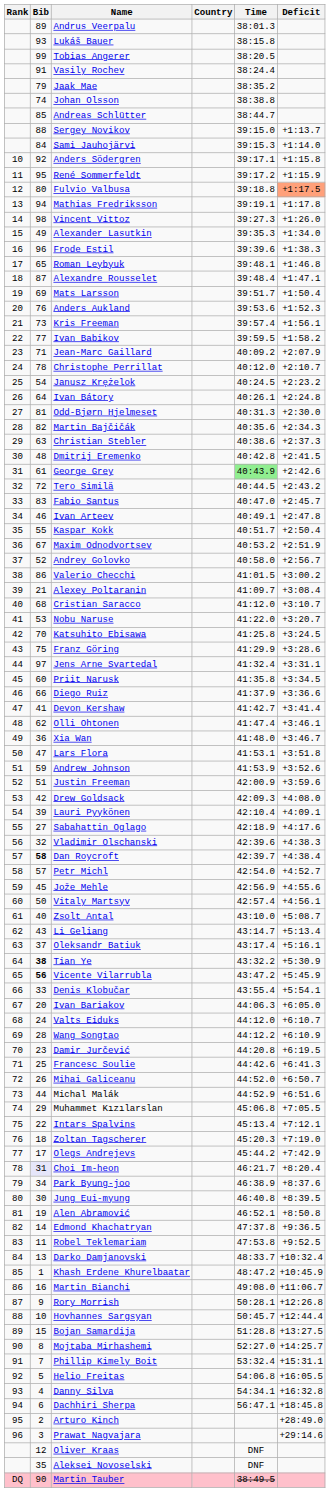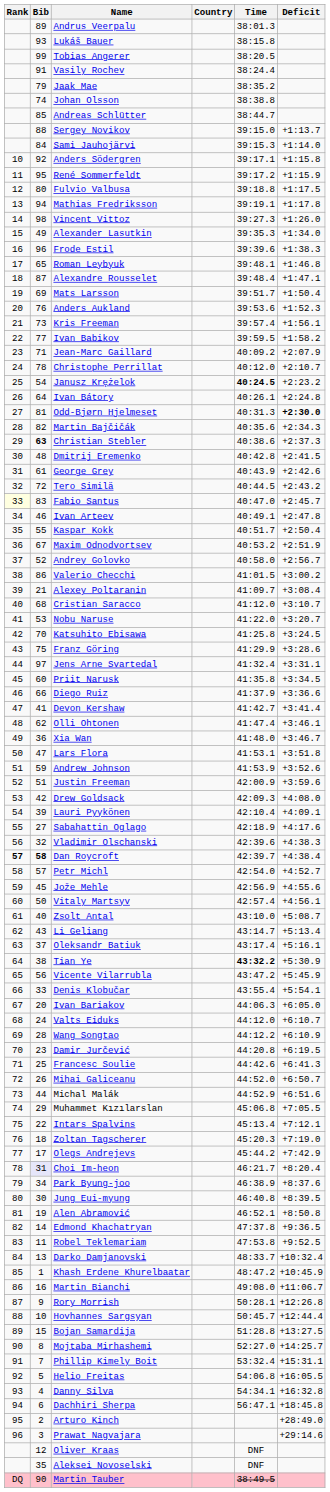 <table class="wikitable sortable" style="text-align:center">
 <tr>
 <th>Rank</th>
 <th>Bib</th>
 <th>Name</th>
 <th>Country</th>
 <th>Time</th>
 <th>Deficit</th>
 </tr>
 <tr>
 <td></td>
 <td>89</td>
 <td align="left"><a href='#'>Andrus Veerpalu</a></td>
 <td align="left"></td>
 <td>38:01.3</td>
 <td></td>
 </tr>
 <tr>
 <td></td>
 <td>93</td>
 <td align="left"><a href='#'>Lukáš Bauer</a></td>
 <td align="left"></td>
 <td>38:15.8</td>
 <td></td>
 </tr>
 <tr>
 <td></td>
 <td>99</td>
 <td align="left"><a href='#'>Tobias Angerer</a></td>
 <td align="left"></td>
 <td>38:20.5</td>
 <td></td>
 </tr>
 <tr>
 <td></td>
 <td>91</td>
 <td align="left"><a href='#'>Vasily Rochev</a></td>
 <td align="left"></td>
 <td>38:24.4</td>
 <td></td>
 </tr>
 <tr>
 <td></td>
 <td>79</td>
 <td align="left"><a href='#'>Jaak Mae</a></td>
 <td align="left"></td>
 <td>38:35.2</td>
 <td></td>
 </tr>
 <tr>
 <td></td>
 <td>74</td>
 <td align="left"><a href='#'>Johan Olsson</a></td>
 <td align="left"></td>
 <td>38:38.8</td>
 <td></td>
 </tr>
 <tr>
 <td></td>
 <td>85</td>
 <td align="left"><a href='#'>Andreas Schlütter</a></td>
 <td align="left"></td>
 <td>38:44.7</td>
 <td></td>
 </tr>
 <tr>
 <td></td>
 <td>88</td>
 <td align="left"><a href='#'>Sergey Novikov</a></td>
 <td align="left"></td>
 <td>39:15.0</td>
 <td>+1:13.7</td>
 </tr>
 <tr>
 <td></td>
 <td>84</td>
 <td align="left"><a href='#'>Sami Jauhojärvi</a></td>
 <td align="left"></td>
 <td>39:15.3</td>
 <td>+1:14.0</td>
 </tr>
 <tr>
 <td>10</td>
 <td>92</td>
 <td align="left"><a href='#'>Anders Södergren</a></td>
 <td align="left"></td>
 <td>39:17.1</td>
 <td>+1:15.8</td>
 </tr>
 <tr>
 <td>11</td>
 <td>95</td>
 <td align="left"><a href='#'>René Sommerfeldt</a></td>
 <td align="left"></td>
 <td>39:17.2</td>
 <td>+1:15.9</td>
 </tr>
 <tr>
 <td>12</td>
 <td>80</td>
 <td align="left"><a href='#'>Fulvio Valbusa</a></td>
 <td align="left"></td>
 <td>39:18.8</td>
-<td style="background: lightsalmon;">+1:17.5</td>
+<td>+1:17.5</td>
 </tr>
 <tr>
 <td>13</td>
 <td>94</td>
 <td align="left"><a href='#'>Mathias Fredriksson</a></td>
 <td align="left"></td>
 <td>39:19.1</td>
 <td>+1:17.8</td>
 </tr>
 <tr>
 <td>14</td>
 <td>98</td>
 <td align="left"><a href='#'>Vincent Vittoz</a></td>
 <td align="left"></td>
 <td>39:27.3</td>
 <td>+1:26.0</td>
 </tr>
 <tr>
 <td>15</td>
 <td>49</td>
 <td align="left"><a href='#'>Alexander Lasutkin</a></td>
 <td align="left"></td>
 <td>39:35.3</td>
 <td>+1:34.0</td>
 </tr>
 <tr>
 <td>16</td>
 <td>96</td>
 <td align="left"><a href='#'>Frode Estil</a></td>
 <td align="left"></td>
 <td>39:39.6</td>
 <td>+1:38.3</td>
 </tr>
 <tr>
 <td>17</td>
 <td>65</td>
 <td align="left"><a href='#'>Roman Leybyuk</a></td>
 <td align="left"></td>
 <td>39:48.1</td>
 <td>+1:46.8</td>
 </tr>
 <tr>
 <td>18</td>
 <td>87</td>
 <td align="left"><a href='#'>Alexandre Rousselet</a></td>
 <td align="left"></td>
 <td>39:48.4</td>
 <td>+1:47.1</td>
 </tr>
 <tr>
 <td>19</td>
 <td>69</td>
 <td align="left"><a href='#'>Mats Larsson</a></td>
 <td align="left"></td>
 <td>39:51.7</td>
 <td>+1:50.4</td>
 </tr>
 <tr>
 <td>20</td>
 <td>76</td>
 <td align="left"><a href='#'>Anders Aukland</a></td>
 <td align="left"></td>
 <td>39:53.6</td>
 <td>+1:52.3</td>
 </tr>
 <tr>
 <td>21</td>
 <td>73</td>
 <td align="left"><a href='#'>Kris Freeman</a></td>
 <td align="left"></td>
 <td>39:57.4</td>
 <td>+1:56.1</td>
 </tr>
 <tr>
 <td>22</td>
 <td>77</td>
 <td align="left"><a href='#'>Ivan Babikov</a></td>
 <td align="left"></td>
 <td>39:59.5</td>
 <td>+1:58.2</td>
 </tr>
 <tr>
 <td>23</td>
 <td>71</td>
 <td align="left"><a href='#'>Jean-Marc Gaillard</a></td>
 <td align="left"></td>
 <td>40:09.2</td>
 <td>+2:07.9</td>
 </tr>
 <tr>
 <td>24</td>
 <td>78</td>
 <td align="left"><a href='#'>Christophe Perrillat</a></td>
 <td align="left"></td>
 <td>40:12.0</td>
 <td>+2:10.7</td>
 </tr>
 <tr>
 <td>25</td>
 <td>54</td>
 <td align="left"><a href='#'>Janusz Krężelok</a></td>
 <td align="left"></td>
-<td>40:24.5</td>
+<td><strong>40:24.5</strong></td>
 <td>+2:23.2</td>
 </tr>
 <tr>
 <td>26</td>
 <td>64</td>
 <td align="left"><a href='#'>Ivan Bátory</a></td>
 <td align="left"></td>
 <td>40:26.1</td>
 <td>+2:24.8</td>
 </tr>
 <tr>
 <td>27</td>
 <td>81</td>
 <td align="left"><a href='#'>Odd-Bjørn Hjelmeset</a></td>
 <td align="left"></td>
 <td>40:31.3</td>
-<td>+2:30.0</td>
+<td><strong>+2:30.0</strong></td>
 </tr>
 <tr>
 <td>28</td>
 <td>82</td>
 <td align="left"><a href='#'>Martin Bajčičák</a></td>
 <td align="left"></td>
 <td>40:35.6</td>
 <td>+2:34.3</td>
 </tr>
 <tr>
 <td>29</td>
-<td>63</td>
+<td><strong>63</strong></td>
 <td align="left"><a href='#'>Christian Stebler</a></td>
 <td align="left"></td>
 <td>40:38.6</td>
 <td>+2:37.3</td>
 </tr>
 <tr>
 <td>30</td>
 <td>48</td>
 <td align="left"><a href='#'>Dmitrij Eremenko</a></td>
 <td align="left"></td>
 <td>40:42.8</td>
 <td>+2:41.5</td>
 </tr>
 <tr>
 <td>31</td>
 <td>61</td>
 <td align="left"><a href='#'>George Grey</a></td>
 <td align="left"></td>
-<td style="background: lightgreen;">40:43.9</td>
+<td>40:43.9</td>
 <td>+2:42.6</td>
 </tr>
 <tr>
 <td>32</td>
 <td>72</td>
 <td align="left"><a href='#'>Tero Similä</a></td>
 <td align="left"></td>
 <td>40:44.5</td>
 <td>+2:43.2</td>
 </tr>
 <tr>
-<td>33</td>
+<td style="background: lightyellow;">33</td>
 <td>83</td>
 <td align="left"><a href='#'>Fabio Santus</a></td>
 <td align="left"></td>
 <td>40:47.0</td>
 <td>+2:45.7</td>
 </tr>
 <tr>
 <td>34</td>
 <td>46</td>
 <td align="left"><a href='#'>Ivan Arteev</a></td>
 <td align="left"></td>
 <td>40:49.1</td>
 <td>+2:47.8</td>
 </tr>
 <tr>
 <td>35</td>
 <td>55</td>
 <td align="left"><a href='#'>Kaspar Kokk</a></td>
 <td align="left"></td>
 <td>40:51.7</td>
 <td>+2:50.4</td>
 </tr>
 <tr>
 <td>36</td>
 <td>67</td>
 <td align="left"><a href='#'>Maxim Odnodvortsev</a></td>
 <td align="left"></td>
 <td>40:53.2</td>
 <td>+2:51.9</td>
 </tr>
 <tr>
 <td>37</td>
 <td>52</td>
 <td align="left"><a href='#'>Andrey Golovko</a></td>
 <td align="left"></td>
 <td>40:58.0</td>
 <td>+2:56.7</td>
 </tr>
 <tr>
 <td>38</td>
 <td>86</td>
 <td align="left"><a href='#'>Valerio Checchi</a></td>
 <td align="left"></td>
 <td>41:01.5</td>
 <td>+3:00.2</td>
 </tr>
 <tr>
 <td>39</td>
 <td>21</td>
 <td align="left"><a href='#'>Alexey Poltaranin</a></td>
 <td align="left"></td>
 <td>41:09.7</td>
 <td>+3:08.4</td>
 </tr>
 <tr>
 <td>40</td>
 <td>68</td>
 <td align="left"><a href='#'>Cristian Saracco</a></td>
 <td align="left"></td>
 <td>41:12.0</td>
 <td>+3:10.7</td>
 </tr>
 <tr>
 <td>41</td>
 <td>53</td>
 <td align="left"><a href='#'>Nobu Naruse</a></td>
 <td align="left"></td>
 <td>41:22.0</td>
 <td>+3:20.7</td>
 </tr>
 <tr>
 <td>42</td>
 <td>70</td>
 <td align="left"><a href='#'>Katsuhito Ebisawa</a></td>
 <td align="left"></td>
 <td>41:25.8</td>
 <td>+3:24.5</td>
 </tr>
 <tr>
 <td>43</td>
 <td>75</td>
 <td align="left"><a href='#'>Franz Göring</a></td>
 <td align="left"></td>
 <td>41:29.9</td>
 <td>+3:28.6</td>
 </tr>
 <tr>
 <td>44</td>
 <td>97</td>
 <td align="left"><a href='#'>Jens Arne Svartedal</a></td>
 <td align="left"></td>
 <td>41:32.4</td>
 <td>+3:31.1</td>
 </tr>
 <tr>
 <td>45</td>
 <td>60</td>
 <td align="left"><a href='#'>Priit Narusk</a></td>
 <td align="left"></td>
 <td>41:35.8</td>
 <td>+3:34.5</td>
 </tr>
 <tr>
 <td>46</td>
 <td>66</td>
 <td align="left"><a href='#'>Diego Ruiz</a></td>
 <td align="left"></td>
 <td>41:37.9</td>
 <td>+3:36.6</td>
 </tr>
 <tr>
 <td>47</td>
 <td>41</td>
 <td align="left"><a href='#'>Devon Kershaw</a></td>
 <td align="left"></td>
 <td>41:42.7</td>
 <td>+3:41.4</td>
 </tr>
 <tr>
 <td>48</td>
 <td>62</td>
 <td align="left"><a href='#'>Olli Ohtonen</a></td>
 <td align="left"></td>
 <td>41:47.4</td>
 <td>+3:46.1</td>
 </tr>
 <tr>
 <td>49</td>
 <td>36</td>
 <td align="left"><a href='#'>Xia Wan</a></td>
 <td align="left"></td>
 <td>41:48.0</td>
 <td>+3:46.7</td>
 </tr>
 <tr>
 <td>50</td>
 <td>47</td>
 <td align="left"><a href='#'>Lars Flora</a></td>
 <td align="left"></td>
 <td>41:53.1</td>
 <td>+3:51.8</td>
 </tr>
 <tr>
 <td>51</td>
 <td>59</td>
 <td align="left"><a href='#'>Andrew Johnson</a></td>
 <td align="left"></td>
 <td>41:53.9</td>
 <td>+3:52.6</td>
 </tr>
 <tr>
 <td>52</td>
 <td>51</td>
 <td align="left"><a href='#'>Justin Freeman</a></td>
 <td align="left"></td>
 <td>42:00.9</td>
 <td>+3:59.6</td>
 </tr>
 <tr>
 <td>53</td>
 <td>42</td>
 <td align="left"><a href='#'>Drew Goldsack</a></td>
 <td align="left"></td>
 <td>42:09.3</td>
 <td>+4:08.0</td>
 </tr>
 <tr>
 <td>54</td>
 <td>39</td>
 <td align="left"><a href='#'>Lauri Pyykönen</a></td>
 <td align="left"></td>
 <td>42:10.4</td>
 <td>+4:09.1</td>
 </tr>
 <tr>
 <td>55</td>
 <td>27</td>
 <td align="left"><a href='#'>Sabahattin Oglago</a></td>
 <td align="left"></td>
 <td>42:18.9</td>
 <td>+4:17.6</td>
 </tr>
 <tr>
 <td>56</td>
 <td>32</td>
 <td align="left"><a href='#'>Vladimir Olschanski</a></td>
 <td align="left"></td>
 <td>42:39.6</td>
 <td>+4:38.3</td>
 </tr>
 <tr>
-<td>57</td>
+<td><strong>57</strong></td>
 <td><strong>58</strong></td>
 <td align="left"><a href='#'>Dan Roycroft</a></td>
 <td align="left"></td>
 <td>42:39.7</td>
 <td>+4:38.4</td>
 </tr>
 <tr>
 <td>58</td>
 <td>57</td>
 <td align="left"><a href='#'>Petr Michl</a></td>
 <td align="left"></td>
 <td>42:54.0</td>
 <td>+4:52.7</td>
 </tr>
 <tr>
 <td>59</td>
 <td>45</td>
 <td align="left"><a href='#'>Jože Mehle</a></td>
 <td align="left"></td>
 <td>42:56.9</td>
 <td>+4:55.6</td>
 </tr>
 <tr>
 <td>60</td>
 <td>50</td>
 <td align="left"><a href='#'>Vitaly Martsyv</a></td>
 <td align="left"></td>
 <td>42:57.4</td>
 <td>+4:56.1</td>
 </tr>
 <tr>
 <td>61</td>
 <td>40</td>
 <td align="left"><a href='#'>Zsolt Antal</a></td>
 <td align="left"></td>
 <td>43:10.0</td>
 <td>+5:08.7</td>
 </tr>
 <tr>
 <td>62</td>
 <td>43</td>
 <td align="left"><a href='#'>Li Geliang</a></td>
 <td align="left"></td>
 <td>43:14.7</td>
 <td>+5:13.4</td>
 </tr>
 <tr>
 <td>63</td>
 <td>37</td>
 <td align="left"><a href='#'>Oleksandr Batiuk</a></td>
 <td align="left"></td>
 <td>43:17.4</td>
 <td>+5:16.1</td>
 </tr>
 <tr>
 <td>64</td>
-<td><strong>38</strong></td>
+<td>38</td>
 <td align="left"><a href='#'>Tian Ye</a></td>
 <td align="left"></td>
-<td>43:32.2</td>
+<td><strong>43:32.2</strong></td>
 <td>+5:30.9</td>
 </tr>
 <tr>
 <td>65</td>
-<td><strong>56</strong></td>
+<td>56</td>
 <td align="left"><a href='#'>Vicente Vilarrubla</a></td>
 <td align="left"></td>
 <td>43:47.2</td>
 <td>+5:45.9</td>
 </tr>
 <tr>
 <td>66</td>
 <td>33</td>
 <td align="left"><a href='#'>Denis Klobučar</a></td>
 <td align="left"></td>
 <td>43:55.4</td>
 <td>+5:54.1</td>
 </tr>
 <tr>
 <td>67</td>
 <td>20</td>
 <td align="left"><a href='#'>Ivan Bariakov</a></td>
 <td align="left"></td>
 <td>44:06.3</td>
 <td>+6:05.0</td>
 </tr>
 <tr>
 <td>68</td>
 <td>24</td>
 <td align="left"><a href='#'>Valts Eiduks</a></td>
 <td align="left"></td>
 <td>44:12.0</td>
 <td>+6:10.7</td>
 </tr>
 <tr>
 <td>69</td>
 <td>28</td>
 <td align="left"><a href='#'>Wang Songtao</a></td>
 <td align="left"></td>
 <td>44:12.2</td>
 <td>+6:10.9</td>
 </tr>
 <tr>
 <td>70</td>
 <td>23</td>
 <td align="left"><a href='#'>Damir Jurčević</a></td>
 <td align="left"></td>
 <td>44:20.8</td>
 <td>+6:19.5</td>
 </tr>
 <tr>
 <td>71</td>
 <td>25</td>
 <td align="left"><a href='#'>Francesc Soulie</a></td>
 <td align="left"></td>
 <td>44:42.6</td>
 <td>+6:41.3</td>
 </tr>
 <tr>
 <td>72</td>
 <td>26</td>
 <td align="left"><a href='#'>Mihai Galiceanu</a></td>
 <td align="left"></td>
 <td>44:52.0</td>
 <td>+6:50.7</td>
 </tr>
 <tr>
 <td>73</td>
 <td>44</td>
 <td align="left">Michal Malák</td>
 <td align="left"></td>
 <td>44:52.9</td>
 <td>+6:51.6</td>
 </tr>
 <tr>
 <td>74</td>
 <td>29</td>
 <td align="left">Muhammet Kızılarslan</td>
 <td align="left"></td>
 <td>45:06.8</td>
 <td>+7:05.5</td>
 </tr>
 <tr>
 <td>75</td>
 <td>22</td>
 <td align="left"><a href='#'>Intars Spalvins</a></td>
 <td align="left"></td>
 <td>45:13.4</td>
 <td>+7:12.1</td>
 </tr>
 <tr>
 <td>76</td>
 <td>18</td>
 <td align="left"><a href='#'>Zoltan Tagscherer</a></td>
 <td align="left"></td>
 <td>45:20.3</td>
 <td>+7:19.0</td>
 </tr>
 <tr>
 <td>77</td>
 <td>17</td>
 <td align="left"><a href='#'>Olegs Andrejevs</a></td>
 <td align="left"></td>
 <td>45:44.2</td>
 <td>+7:42.9</td>
 </tr>
 <tr>
 <td>78</td>
 <td style="background: lavender;">31</td>
 <td align="left"><a href='#'>Choi Im-heon</a></td>
 <td align="left"></td>
 <td>46:21.7</td>
 <td>+8:20.4</td>
 </tr>
 <tr>
 <td>79</td>
 <td>34</td>
 <td align="left"><a href='#'>Park Byung-joo</a></td>
 <td align="left"></td>
 <td>46:38.9</td>
 <td>+8:37.6</td>
 </tr>
 <tr>
 <td>80</td>
 <td>30</td>
 <td align="left"><a href='#'>Jung Eui-myung</a></td>
 <td align="left"></td>
 <td>46:40.8</td>
 <td>+8:39.5</td>
 </tr>
 <tr>
 <td>81</td>
 <td>19</td>
 <td align="left"><a href='#'>Alen Abramović</a></td>
 <td align="left"></td>
 <td>46:52.1</td>
 <td>+8:50.8</td>
 </tr>
 <tr>
 <td>82</td>
 <td>14</td>
 <td align="left"><a href='#'>Edmond Khachatryan</a></td>
 <td align="left"></td>
 <td>47:37.8</td>
 <td>+9:36.5</td>
 </tr>
 <tr>
 <td>83</td>
 <td>11</td>
 <td align="left"><a href='#'>Robel Teklemariam</a></td>
 <td align="left"></td>
 <td>47:53.8</td>
 <td>+9:52.5</td>
 </tr>
 <tr>
 <td>84</td>
 <td>13</td>
 <td align="left"><a href='#'>Darko Damjanovski</a></td>
 <td align="left"></td>
 <td>48:33.7</td>
 <td>+10:32.4</td>
 </tr>
 <tr>
 <td>85</td>
 <td>1</td>
 <td align="left"><a href='#'>Khash Erdene Khurelbaatar</a></td>
 <td align="left"></td>
 <td>48:47.2</td>
 <td>+10:45.9</td>
 </tr>
 <tr>
 <td>86</td>
 <td>16</td>
 <td align="left"><a href='#'>Martin Bianchi</a></td>
 <td align="left"></td>
 <td>49:08.0</td>
 <td>+11:06.7</td>
 </tr>
 <tr>
 <td>87</td>
 <td>9</td>
 <td align="left"><a href='#'>Rory Morrish</a></td>
 <td align="left"></td>
 <td>50:28.1</td>
 <td>+12:26.8</td>
 </tr>
 <tr>
 <td>88</td>
 <td>10</td>
 <td align="left"><a href='#'>Hovhannes Sargsyan</a></td>
 <td align="left"></td>
 <td>50:45.7</td>
 <td>+12:44.4</td>
 </tr>
 <tr>
 <td>89</td>
 <td>15</td>
 <td align="left"><a href='#'>Bojan Samardija</a></td>
 <td align="left"></td>
 <td>51:28.8</td>
 <td>+13:27.5</td>
 </tr>
 <tr>
 <td>90</td>
 <td>8</td>
 <td align="left"><a href='#'>Mojtaba Mirhashemi</a></td>
 <td align="left"></td>
 <td>52:27.0</td>
 <td>+14:25.7</td>
 </tr>
 <tr>
 <td>91</td>
 <td>7</td>
 <td align="left"><a href='#'>Phillip Kimely Boit</a></td>
 <td align="left"></td>
 <td>53:32.4</td>
 <td>+15:31.1</td>
 </tr>
 <tr>
 <td>92</td>
 <td>5</td>
 <td align="left"><a href='#'>Helio Freitas</a></td>
 <td align="left"></td>
 <td>54:06.8</td>
 <td>+16:05.5</td>
 </tr>
 <tr>
 <td>93</td>
 <td>4</td>
 <td align="left"><a href='#'>Danny Silva</a></td>
 <td align="left"></td>
 <td>54:34.1</td>
 <td>+16:32.8</td>
 </tr>
 <tr>
 <td>94</td>
 <td>6</td>
 <td align="left"><a href='#'>Dachhiri Sherpa</a></td>
 <td align="left"></td>
 <td>56:47.1</td>
 <td>+18:45.8</td>
 </tr>
 <tr>
 <td>95</td>
 <td>2</td>
 <td align="left"><a href='#'>Arturo Kinch</a></td>
 <td align="left"></td>
 <td></td>
 <td>+28:49.0</td>
 </tr>
 <tr>
 <td>96</td>
 <td>3</td>
 <td align="left"><a href='#'>Prawat Nagvajara</a></td>
 <td align="left"></td>
 <td></td>
 <td>+29:14.6</td>
 </tr>
 <tr>
 <td></td>
 <td>12</td>
 <td align="left"><a href='#'>Oliver Kraas</a></td>
 <td align="left"></td>
 <td>DNF</td>
 <td></td>
 </tr>
 <tr>
 <td></td>
 <td>35</td>
 <td align="left"><a href='#'>Aleksei Novoselski</a></td>
 <td align="left"></td>
 <td>DNF</td>
 <td></td>
 </tr>
 <tr bgcolor=pink>
 <td> DQ</td>
 <td>90</td>
 <td align="left"><a href='#'>Martin Tauber</a></td>
 <td align="left"></td>
 <td><s>38:49.5</s></td>
 <td><s></s></td>
 </tr>
 </table>
